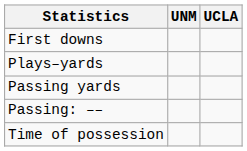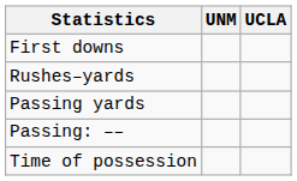 <table class="wikitable" style="float:left">
 <tr>
 <th>Statistics</th>
 <th>UNM</th>
 <th>UCLA</th>
 </tr>
 <tr>
 <td>First downs</td>
 <td></td>
 <td></td>
 </tr>
 <tr>
-<td>Plays–yards</td>
+<td>Rushes–yards</td>
 <td></td>
 <td></td>
 </tr>
 <tr>
 <td>Passing yards</td>
 <td></td>
 <td></td>
 </tr>
 <tr>
 <td>Passing: ––</td>
 <td></td>
 <td></td>
 </tr>
 <tr>
 <td>Time of possession</td>
 <td></td>
 <td></td>
 </tr>
 </table>
